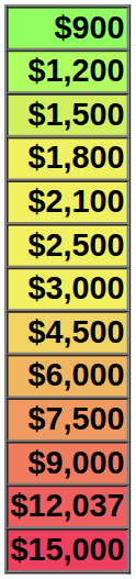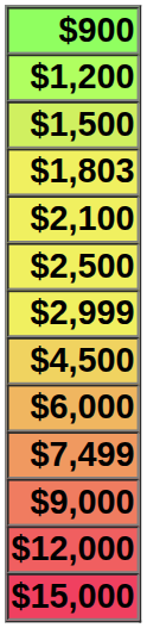 <table border=1 cellspacing=0 cellpadding=1 width=50px|->
 <tr>
 <td bgcolor=#90FF60 align=right><strong>$900</strong></td>
 </tr>
 <tr>
 <td bgcolor=#B0FF60 align=right><strong>$1,200</strong></td>
 </tr>
 <tr>
 <td bgcolor=#D0F060 align=right><strong>$1,500</strong></td>
 </tr>
 <tr>
-<td bgcolor=#F0F060 align=right><strong>$1,800</strong></td>
+<td bgcolor=#F0F060 align=right><strong>$1,803</strong></td>
 </tr>
 <tr>
 <td bgcolor=#F0F060 align=right><strong>$2,100</strong></td>
 </tr>
 <tr>
 <td bgcolor=#F0F060 align=right><strong>$2,500</strong></td>
 </tr>
 <tr>
-<td bgcolor=#F0F060 align=right><strong>$3,000</strong></td>
+<td bgcolor=#F0F060 align=right><strong>$2,999</strong></td>
 </tr>
 <tr>
 <td bgcolor=#F0D360 align=right><strong>$4,500</strong></td>
 </tr>
 <tr>
 <td bgcolor=#F0B660 align=right><strong>$6,000</strong></td>
 </tr>
 <tr>
-<td bgcolor=#F09960 align=right><strong>$7,500</strong></td>
+<td bgcolor=#F09960 align=right><strong>$7,499</strong></td>
 </tr>
 <tr>
 <td bgcolor=#F07C60 align=right><strong>$9,000</strong></td>
 </tr>
 <tr>
-<td bgcolor=#F05F60 align=right><strong>$12,037</strong></td>
+<td bgcolor=#F05F60 align=right><strong>$12,000</strong></td>
 </tr>
 <tr>
 <td bgcolor=#F04060 align=right><strong>$15,000</strong></td>
 </tr>
 </table>
